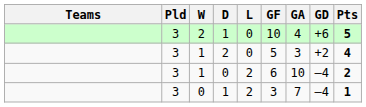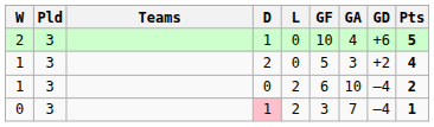 <table class="wikitable" style="text-align: center;">
 <tr>
+<th width=20>W</th>
+<th width=20>Pld</th>
 <th width=165>Teams</th>
-<th width=20>Pld</th>
-<th width=20>W</th>
 <th width=20>D</th>
 <th width=20>L</th>
 <th width=20>GF</th>
 <th width=20>GA</th>
 <th width=20>GD</th>
 <th width=20>Pts</th>
 </tr>
 <tr align=center style="background:#ccffcc;">
+<td>2</td>
+<td>3</td>
 <td style="text-align:left;"></td>
-<td>3</td>
-<td>2</td>
 <td>1</td>
 <td>0</td>
 <td>10</td>
 <td>4</td>
 <td>+6</td>
 <td><strong>5</strong></td>
 </tr>
 <tr align=center>
+<td>1</td>
+<td>3</td>
 <td style="text-align:left;"></td>
-<td>3</td>
-<td>1</td>
 <td>2</td>
 <td>0</td>
 <td>5</td>
 <td>3</td>
 <td>+2</td>
 <td><strong>4</strong></td>
 </tr>
 <tr align=center>
+<td>1</td>
+<td>3</td>
 <td style="text-align:left;"></td>
-<td>3</td>
-<td>1</td>
 <td>0</td>
 <td>2</td>
 <td>6</td>
 <td>10</td>
 <td>–4</td>
 <td><strong>2</strong></td>
 </tr>
 <tr align=center>
+<td>0</td>
+<td>3</td>
 <td style="text-align:left;"></td>
-<td>3</td>
-<td>0</td>
-<td>1</td>
+<td style="background: pink;">1</td>
 <td>2</td>
 <td>3</td>
 <td>7</td>
 <td>–4</td>
 <td><strong>1</strong></td>
 </tr>
 </table>
